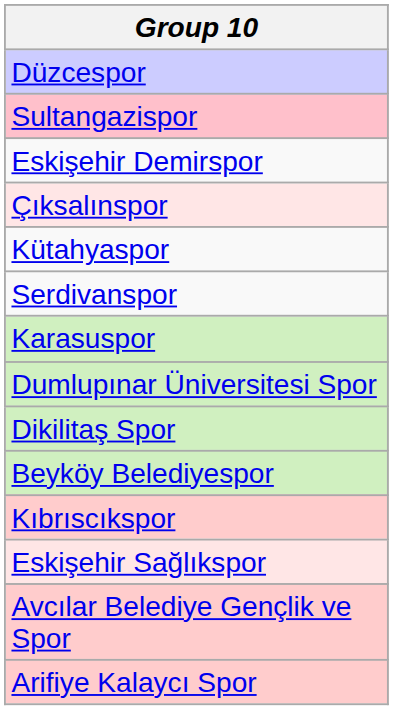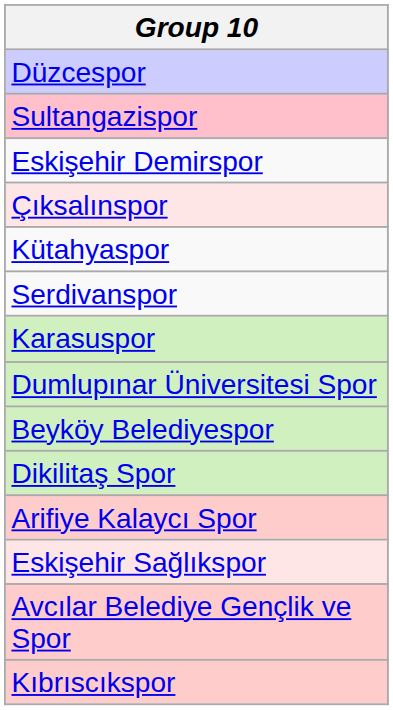 <table class="wikitable collapsible collapsed" style="font-size:95%;">
 <tr>
 <th colspan="1" width="200"><em>Group 10</em></th>
 </tr>
 <tr>
 <td style="background:#ccccff;"><a href='#'>Düzcespor</a></td>
 </tr>
 <tr>
 <td style="background: pink;"><a href='#'>Sultangazispor</a></td>
 </tr>
 <tr>
 <td><a href='#'>Eskişehir Demirspor</a></td>
 </tr>
 <tr>
 <td style="background:#FFE6E6;"><a href='#'>Çıksalınspor</a></td>
 </tr>
 <tr>
 <td><a href='#'>Kütahyaspor</a></td>
 </tr>
 <tr>
 <td><a href='#'>Serdivanspor</a></td>
 </tr>
 <tr>
 <td style="background:#D0F0C0;"><a href='#'>Karasuspor</a></td>
 </tr>
 <tr>
 <td style="background:#D0F0C0;"><a href='#'>Dumlupınar Üniversitesi Spor</a></td>
 </tr>
 <tr>
+<td style="background:#D0F0C0;"><a href='#'>Beyköy Belediyespor</a></td>
+</tr>
+<tr>
 <td style="background:#D0F0C0;"><a href='#'>Dikilitaş Spor</a></td>
 </tr>
 <tr>
-<td style="background:#D0F0C0;"><a href='#'>Beyköy Belediyespor</a></td>
-</tr>
-<tr>
-<td style="background:#fcc;"><a href='#'>Kıbrıscıkspor</a></td>
+<td style="background:#fcc;"><a href='#'>Arifiye Kalaycı Spor</a></td>
 </tr>
 <tr>
 <td style="background:#FFE6E6;"><a href='#'>Eskişehir Sağlıkspor</a></td>
 </tr>
 <tr>
 <td style="background:#fcc;"><a href='#'>Avcılar Belediye Gençlik ve Spor</a></td>
 </tr>
 <tr>
-<td style="background:#fcc;"><a href='#'>Arifiye Kalaycı Spor</a></td>
+<td style="background:#fcc;"><a href='#'>Kıbrıscıkspor</a></td>
 </tr>
 </table>
